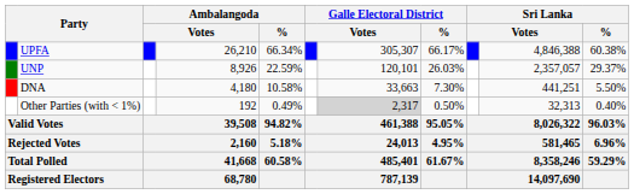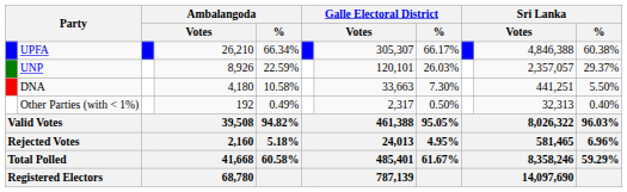 <table class="wikitable">
 <tr>
 <th colspan="2" width="144px"rowspan="2">Party</th>
 <th colspan="3" width="216px">Ambalangoda</th>
 <th colspan="3" width="216px"><a href='#'>Galle Electoral District</a></th>
 <th colspan="3" width="216px">Sri Lanka</th>
 </tr>
 <tr>
 <th colspan="2" width="144px">Votes</th>
 <th>%</th>
 <th colspan="2" width="144px">Votes</th>
 <th>%</th>
 <th colspan="2" width="144px">Votes</th>
 <th>%</th>
 </tr>
 <tr>
 <td style="background-color:blue;" width="10px"></td>
 <td style="text-align:left;"><a href='#'>UPFA</a></td>
 <td style="background-color:blue;" width="10px"></td>
 <td style="text-align:right;">26,210</td>
 <td style="text-align:right;">66.34%</td>
 <td style="background-color:blue;" width="10px"></td>
 <td style="text-align:right;">305,307</td>
 <td style="text-align:right;">66.17%</td>
 <td style="background-color:blue;" width="10px"></td>
 <td style="text-align:right;">4,846,388</td>
 <td style="text-align:right;">60.38%</td>
 </tr>
 <tr>
 <td style="background-color:green;" width="10px"></td>
 <td style="text-align:left;"><a href='#'>UNP</a></td>
 <td style="background-color:white;" width="10px"></td>
 <td style="text-align:right;">8,926</td>
 <td style="text-align:right;">22.59%</td>
 <td style="background-color:white;" width="10px"></td>
 <td style="text-align:right;">120,101</td>
 <td style="text-align:right;">26.03%</td>
 <td style="background-color:white;" width="10px"></td>
 <td style="text-align:right;">2,357,057</td>
 <td style="text-align:right;">29.37%</td>
 </tr>
 <tr>
 <td style="background-color:red;" width="10px"></td>
 <td style="text-align:left;">DNA</td>
 <td style="background-color:white;" width="10px"></td>
 <td style="text-align:right;">4,180</td>
 <td style="text-align:right;">10.58%</td>
 <td style="background-color:white;" width="10px"></td>
 <td style="text-align:right;">33,663</td>
 <td style="text-align:right;">7.30%</td>
 <td style="background-color:white;" width="10px"></td>
 <td style="text-align:right;">441,251</td>
 <td style="text-align:right;">5.50%</td>
 </tr>
 <tr>
 <td style="background-color:white;" width="10px"></td>
 <td style="text-align:left;">Other Parties (with < 1%)</td>
 <td style="background-color:white;" width="10px"></td>
 <td style="text-align:right;">192</td>
 <td style="text-align:right;">0.49%</td>
 <td style="background-color:white;" width="10px"></td>
-<td style="background: lightgrey; text-align:right;">2,317</td>
+<td style="text-align:right;">2,317</td>
 <td style="text-align:right;">0.50%</td>
 <td style="background-color:white;" width="10px"></td>
 <td style="text-align:right;">32,313</td>
 <td style="text-align:right;">0.40%</td>
 </tr>
 <tr>
 <th colspan="2" width="144px"style="text-align:left;">Valid Votes</th>
 <th style="text-align:right;"colspan="2" width="144px">39,508</th>
 <th style="text-align:right;">94.82%</th>
 <th style="text-align:right;"colspan="2" width="144px">461,388</th>
 <th style="text-align:right;">95.05%</th>
 <th style="text-align:right;"colspan="2" width="144px">8,026,322</th>
 <th style="text-align:right;">96.03%</th>
 </tr>
 <tr>
 <th colspan="2" width="144px"style="text-align:left;">Rejected Votes</th>
 <th style="text-align:right;"colspan="2" width="144px">2,160</th>
 <th style="text-align:right;">5.18%</th>
 <th style="text-align:right;"colspan="2" width="144px">24,013</th>
 <th style="text-align:right;">4.95%</th>
 <th style="text-align:right;"colspan="2" width="144px">581,465</th>
 <th style="text-align:right;">6.96%</th>
 </tr>
 <tr>
 <th colspan="2" width="144px"style="text-align:left;">Total Polled</th>
 <th style="text-align:right;"colspan="2" width="144px">41,668</th>
 <th style="text-align:right;">60.58%</th>
 <th style="text-align:right;"colspan="2" width="144px">485,401</th>
 <th style="text-align:right;">61.67%</th>
 <th style="text-align:right;"colspan="2" width="144px">8,358,246</th>
 <th style="text-align:right;">59.29%</th>
 </tr>
 <tr>
 <th colspan="2" width="144px"style="text-align:left;">Registered Electors</th>
 <th style="text-align:right;"colspan="2" width="144px">68,780</th>
 <th></th>
 <th style="text-align:right;"colspan="2" width="144px">787,139</th>
 <th></th>
 <th style="text-align:right;"colspan="2" width="144px">14,097,690</th>
 <th></th>
 </tr>
 </table>
